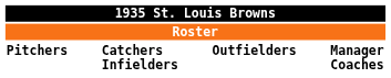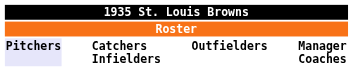 <table class="toccolours" style="font-size: 95%;">
 <tr>
 <th colspan="10" style="background-color: black; color: white; text-align: center;">1935 St. Louis Browns</th>
 </tr>
 <tr>
 <td colspan="10" style="background-color: #F87217; color: white; text-align: center;"><strong>Roster</strong></td>
 </tr>
 <tr>
-<td valign="top"><strong>Pitchers</strong><br>            </td>
+<td valign="top" style="background: lavender;"><strong>Pitchers</strong><br>            </td>
 <td width="25px"></td>
 <td valign="top"><strong>Catchers</strong><br>   <strong>Infielders</strong>          </td>
 <td width="25px"></td>
 <td valign="top"><strong>Outfielders</strong><br>       </td>
 <td width="25px"></td>
 <td valign="top"><strong>Manager</strong><br> <strong>Coaches</strong>  </td>
 </tr>
 <tr>
 </tr>
 </table>
